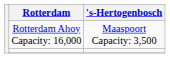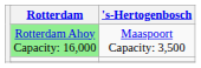 <table class="wikitable" style="text-align:center">
 <tr>
 <th rowspan="4" colspan="2"></th>
 <th> <a href='#'>Rotterdam</a></th>
 <th> <a href='#'>'s-Hertogenbosch</a></th>
 </tr>
 <tr>
-<td><a href='#'>Rotterdam Ahoy</a><br>Capacity: 16,000</td>
+<td style="background: lightgreen;"><a href='#'>Rotterdam Ahoy</a><br>Capacity: 16,000</td>
 <td><a href='#'>Maaspoort</a><br>Capacity: 3,500</td>
 </tr>
 <tr>
 <td></td>
 <td></td>
 </tr>
 <tr>
 </tr>
 </table>
